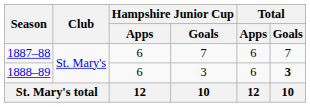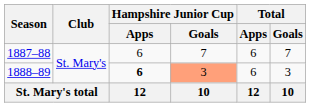 <table class="wikitable" style="text-align:center">
 <tr>
 <th rowspan="2">Season</th>
 <th rowspan="2">Club</th>
 <th colspan="2">Hampshire Junior Cup</th>
 <th colspan="2">Total</th>
 </tr>
 <tr>
 <th>Apps</th>
 <th>Goals</th>
 <th>Apps</th>
 <th>Goals</th>
 </tr>
 <tr>
 <td><a href='#'>1887–88</a></td>
 <td rowspan="2"><a href='#'>St. Mary's</a></td>
 <td>6</td>
 <td>7</td>
 <td>6</td>
 <td>7</td>
 </tr>
 <tr>
 <td><a href='#'>1888–89</a></td>
+<td><strong>6</strong></td>
+<td style="background: lightsalmon;">3</td>
 <td>6</td>
 <td>3</td>
-<td>6</td>
-<td><strong>3</strong></td>
 </tr>
 <tr>
 <th colspan="2">St. Mary's total</th>
 <th>12</th>
 <th>10</th>
 <th>12</th>
 <th>10</th>
 </tr>
 </table>
